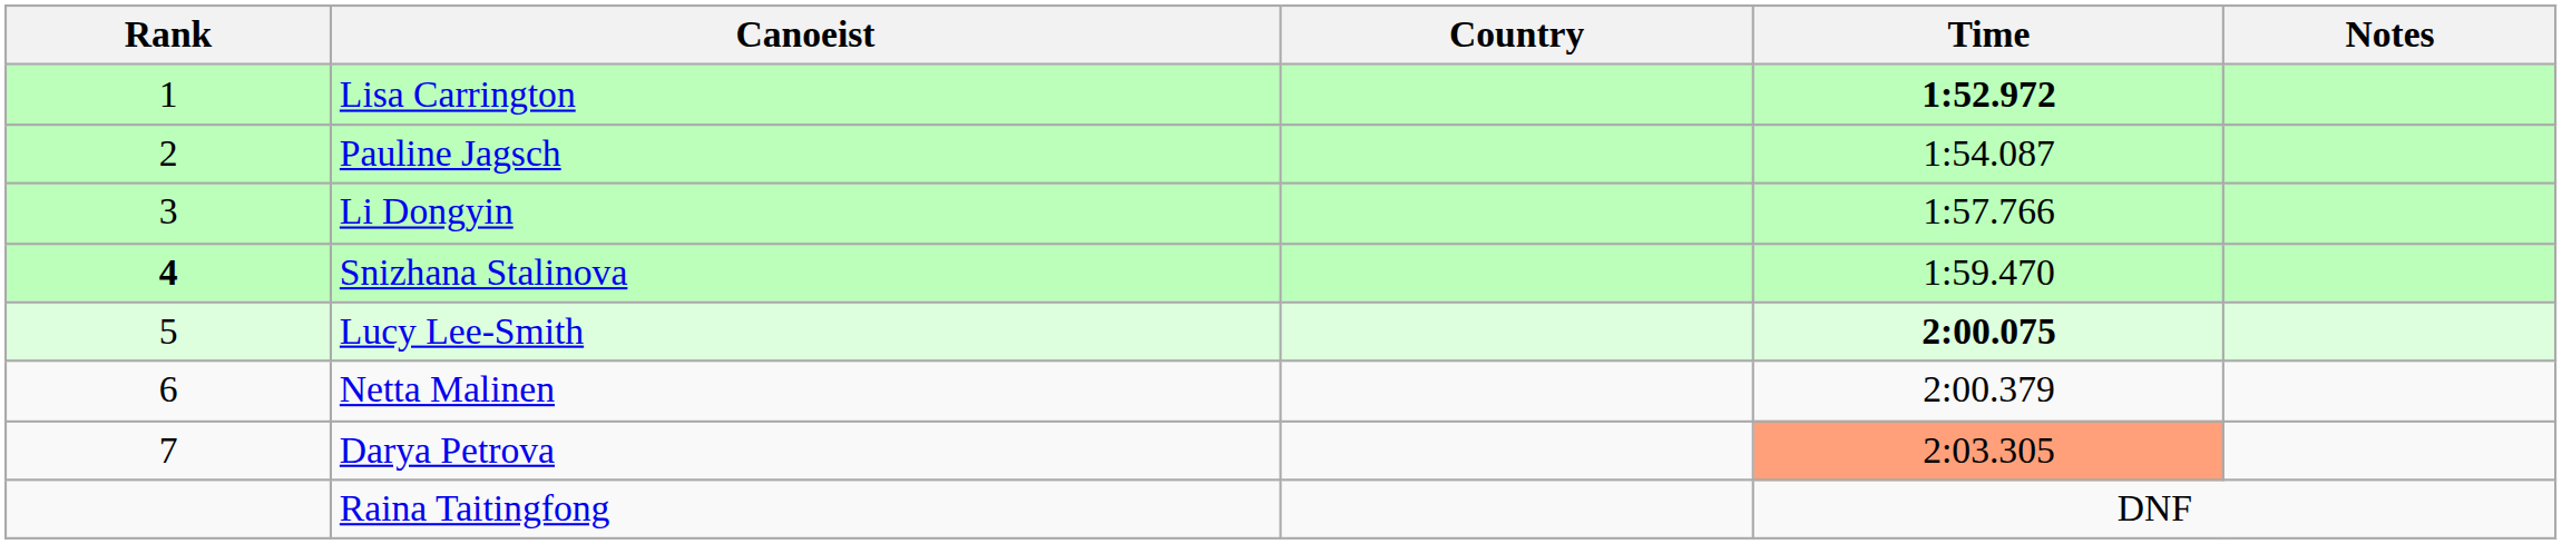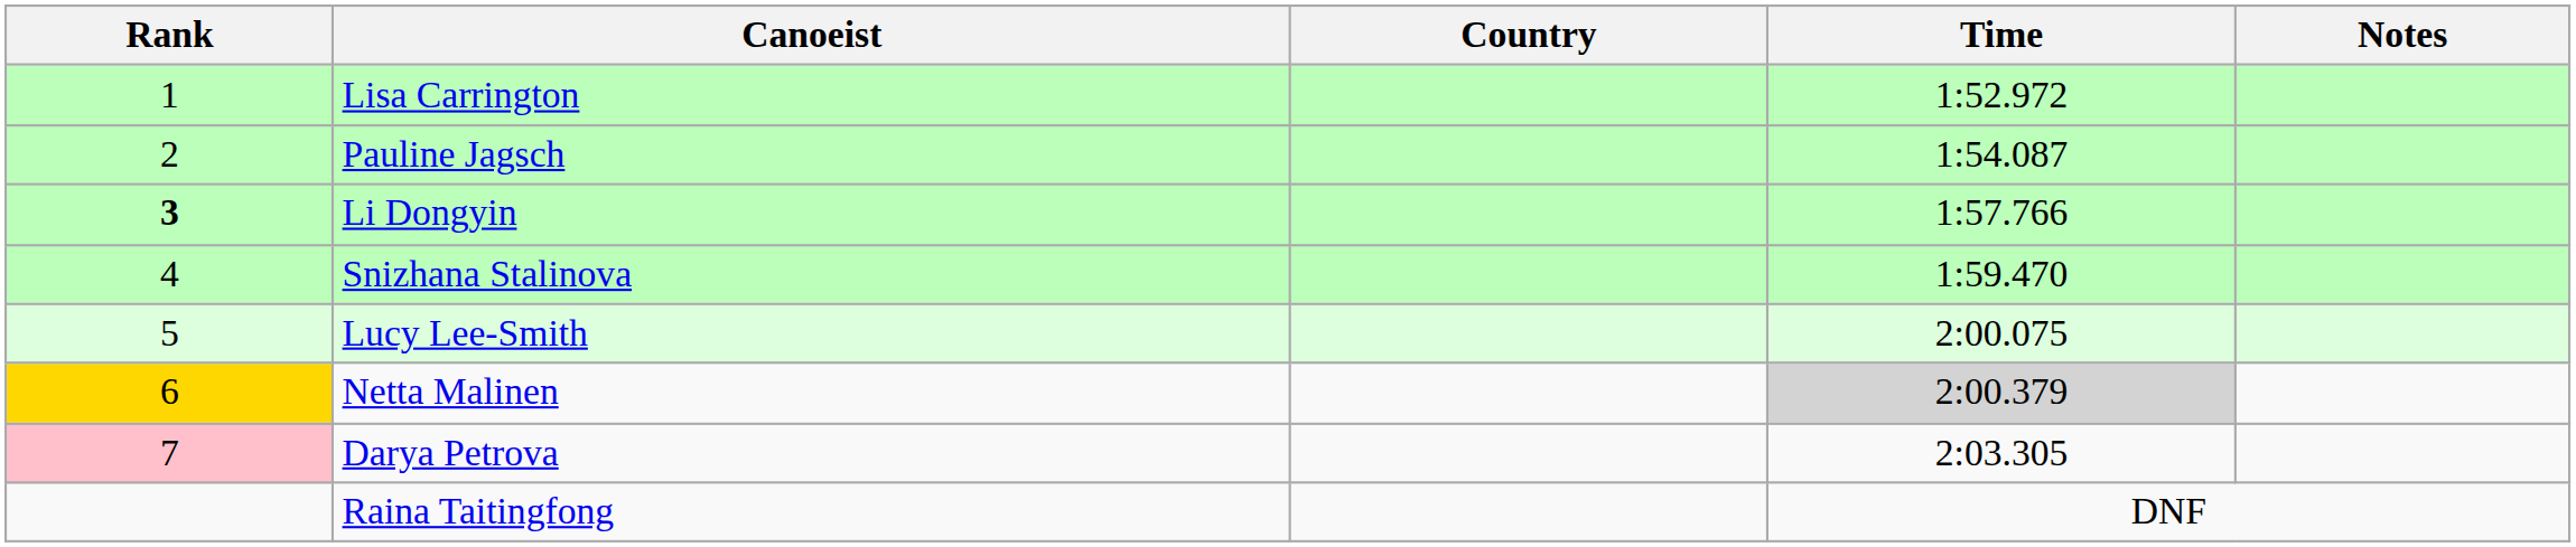 <table class="wikitable" style="text-align:center;width: 55%">
 <tr>
 <th>Rank</th>
 <th>Canoeist</th>
 <th>Country</th>
 <th>Time</th>
 <th>Notes</th>
 </tr>
 <tr bgcolor=bbffbb>
 <td>1</td>
 <td align="left"><a href='#'>Lisa Carrington</a></td>
 <td align="left"></td>
-<td><strong>1:52.972</strong></td>
+<td>1:52.972</td>
 <td></td>
 </tr>
 <tr bgcolor=bbffbb>
 <td>2</td>
 <td align="left"><a href='#'>Pauline Jagsch</a></td>
 <td align="left"></td>
 <td>1:54.087</td>
 <td></td>
 </tr>
 <tr bgcolor=bbffbb>
-<td>3</td>
+<td><strong>3</strong></td>
 <td align="left"><a href='#'>Li Dongyin</a></td>
 <td align="left"></td>
 <td>1:57.766</td>
 <td></td>
 </tr>
 <tr bgcolor=bbffbb>
-<td><strong>4</strong></td>
+<td>4</td>
 <td align="left"><a href='#'>Snizhana Stalinova</a></td>
 <td align="left"></td>
 <td>1:59.470</td>
 <td></td>
 </tr>
 <tr bgcolor=ddffdd>
 <td>5</td>
 <td align="left"><a href='#'>Lucy Lee-Smith</a></td>
 <td align="left"></td>
-<td><strong>2:00.075</strong></td>
+<td>2:00.075</td>
 <td></td>
 </tr>
 <tr>
-<td>6</td>
+<td style="background: gold;">6</td>
 <td align="left"><a href='#'>Netta Malinen</a></td>
 <td align="left"></td>
-<td>2:00.379</td>
+<td style="background: lightgrey;">2:00.379</td>
 <td></td>
 </tr>
 <tr>
-<td>7</td>
+<td style="background: pink;">7</td>
 <td align="left"><a href='#'>Darya Petrova</a></td>
 <td align="left"></td>
-<td style="background: lightsalmon;">2:03.305</td>
+<td>2:03.305</td>
 <td></td>
 </tr>
 <tr>
 <td></td>
 <td align="left"><a href='#'>Raina Taitingfong</a></td>
 <td align="left"></td>
 <td colspan=2>DNF</td>
 </tr>
 </table>
